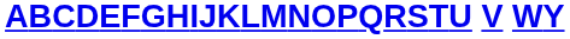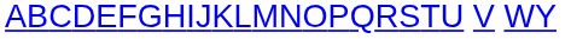 <table id="toc" class="toc" summary="Class">
 <tr>
 <th></th>
 </tr>
 <tr>
-<td><strong><a href='#'>A</a><a href='#'>B</a><a href='#'>C</a><a href='#'>D</a><a href='#'>E</a><a href='#'>F</a><a href='#'>G</a><a href='#'>H</a><a href='#'>I</a><a href='#'>J</a><a href='#'>K</a><a href='#'>L</a><a href='#'>M</a><a href='#'>N</a><a href='#'>O</a><a href='#'>P</a><a href='#'>Q</a><a href='#'>R</a><a href='#'>S</a><a href='#'>T</a><a href='#'>U</a> <a href='#'>V</a> <a href='#'>W</a><a href='#'>Y</a></strong></td>
+<td><a href='#'>A</a><a href='#'>B</a><a href='#'>C</a><a href='#'>D</a><a href='#'>E</a><a href='#'>F</a><a href='#'>G</a><a href='#'>H</a><a href='#'>I</a><a href='#'>J</a><a href='#'>K</a><a href='#'>L</a><a href='#'>M</a><a href='#'>N</a><a href='#'>O</a><a href='#'>P</a><a href='#'>Q</a><a href='#'>R</a><a href='#'>S</a><a href='#'>T</a><a href='#'>U</a> <a href='#'>V</a> <a href='#'>W</a><a href='#'>Y</a></td>
 </tr>
 </table>
